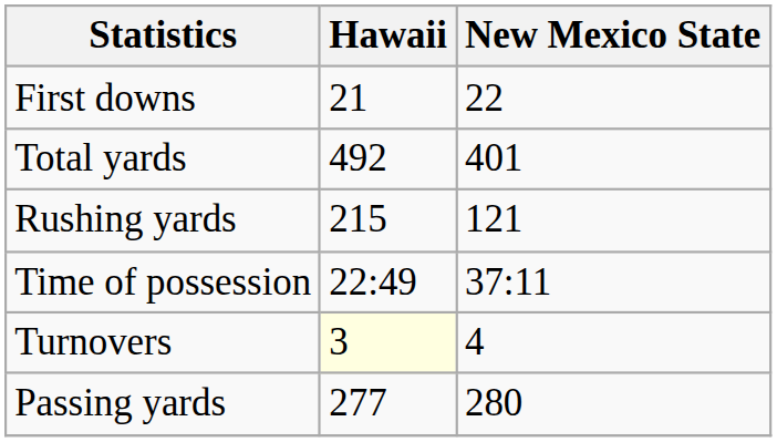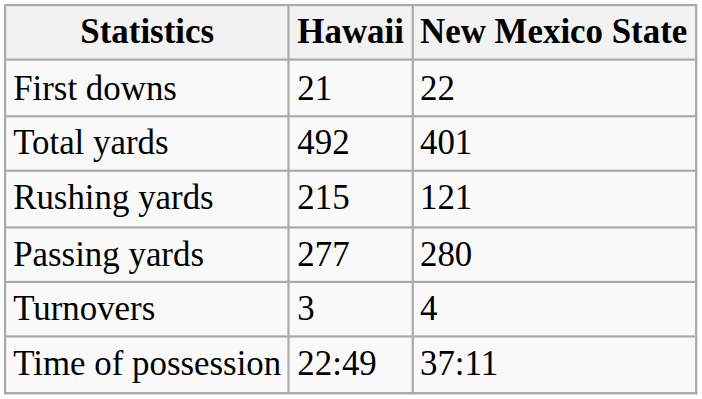 <table class="wikitable">
 <tr>
 <th>Statistics</th>
 <th>Hawaii</th>
 <th>New Mexico State</th>
 </tr>
 <tr>
 <td>First downs</td>
 <td>21</td>
 <td>22</td>
 </tr>
 <tr>
 <td>Total yards</td>
 <td>492</td>
 <td>401</td>
 </tr>
 <tr>
 <td>Rushing yards</td>
 <td>215</td>
 <td>121</td>
 </tr>
 <tr>
+<td>Passing yards</td>
+<td>277</td>
+<td>280</td>
+</tr>
+<tr>
+<td>Turnovers</td>
+<td>3</td>
+<td>4</td>
+</tr>
+<tr>
 <td>Time of possession</td>
 <td>22:49</td>
 <td>37:11</td>
 </tr>
 <tr>
-<td>Turnovers</td>
-<td style="background: lightyellow;">3</td>
-<td>4</td>
-</tr>
-<tr>
-<td>Passing yards</td>
-<td>277</td>
-<td>280</td>
-</tr>
-<tr>
 </tr>
 </table>
